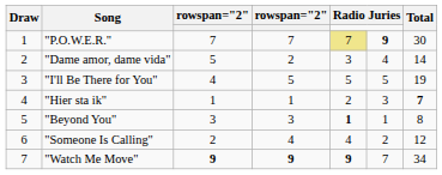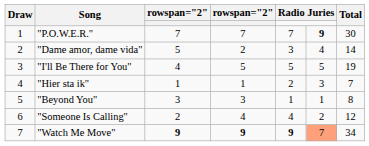 <table class="wikitable collapsible" style="margin: 1em auto 1em auto; text-align:center;">
 <tr>
 <th rowspan="2">Draw</th>
 <th rowspan="2">Song</th>
 <th>rowspan="2" </th>
 <th>rowspan="2" </th>
 <th colspan="2">Radio Juries</th>
 <th rowspan="2">Total</th>
 </tr>
 <tr>
 <th></th>
 <th></th>
 </tr>
 <tr>
 <td>1</td>
 <td align="left">"P.O.W.E.R."</td>
 <td>7</td>
 <td>7</td>
-<td style="background: khaki;">7</td>
+<td>7</td>
 <td><strong>9</strong></td>
 <td>30</td>
 </tr>
 <tr>
 <td>2</td>
 <td align="left">"Dame amor, dame vida"</td>
 <td>5</td>
 <td>2</td>
 <td>3</td>
 <td>4</td>
 <td>14</td>
 </tr>
 <tr>
 <td>3</td>
 <td align="left">"I'll Be There for You"</td>
 <td>4</td>
 <td>5</td>
 <td>5</td>
 <td>5</td>
 <td>19</td>
 </tr>
 <tr>
 <td>4</td>
 <td align="left">"Hier sta ik"</td>
 <td>1</td>
 <td>1</td>
 <td>2</td>
 <td>3</td>
-<td><strong>7</strong></td>
+<td>7</td>
 </tr>
 <tr>
 <td>5</td>
 <td align="left">"Beyond You"</td>
 <td>3</td>
 <td>3</td>
-<td><strong>1</strong></td>
+<td>1</td>
 <td>1</td>
 <td>8</td>
 </tr>
 <tr>
 <td>6</td>
 <td align="left">"Someone Is Calling"</td>
 <td>2</td>
 <td>4</td>
 <td>4</td>
 <td>2</td>
 <td>12</td>
 </tr>
 <tr>
 <td>7</td>
 <td align="left">"Watch Me Move"</td>
 <td><strong>9</strong></td>
 <td><strong>9</strong></td>
 <td><strong>9</strong></td>
-<td>7</td>
+<td style="background: lightsalmon;">7</td>
 <td>34</td>
 </tr>
 </table>
